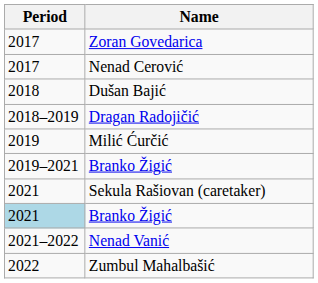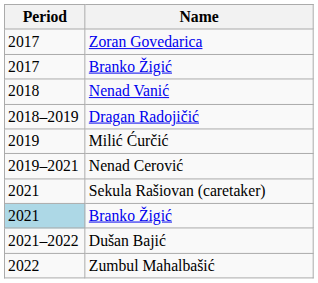 <table class="wikitable">
 <tr>
 <th width="75">Period</th>
 <th width="225">Name</th>
 </tr>
 <tr>
 <td>2017</td>
 <td> <a href='#'>Zoran Govedarica</a></td>
 </tr>
 <tr>
 <td>2017</td>
-<td> Nenad Cerović</td>
+<td> <a href='#'>Branko Žigić</a></td>
 </tr>
 <tr>
 <td>2018</td>
-<td> Dušan Bajić</td>
+<td> <a href='#'>Nenad Vanić</a></td>
 </tr>
 <tr>
 <td>2018–2019</td>
 <td> <a href='#'>Dragan Radojičić</a></td>
 </tr>
 <tr>
 <td>2019</td>
 <td> Milić Ćurčić</td>
 </tr>
 <tr>
 <td>2019–2021</td>
-<td> <a href='#'>Branko Žigić</a></td>
+<td> Nenad Cerović</td>
 </tr>
 <tr>
 <td>2021</td>
 <td> Sekula Rašiovan (caretaker)</td>
 </tr>
 <tr>
 <td style="background: lightblue;">2021</td>
 <td> <a href='#'>Branko Žigić</a></td>
 </tr>
 <tr>
 <td>2021–2022</td>
-<td> <a href='#'>Nenad Vanić</a></td>
+<td> Dušan Bajić</td>
 </tr>
 <tr>
 <td>2022</td>
 <td> Zumbul Mahalbašić</td>
 </tr>
 </table>
